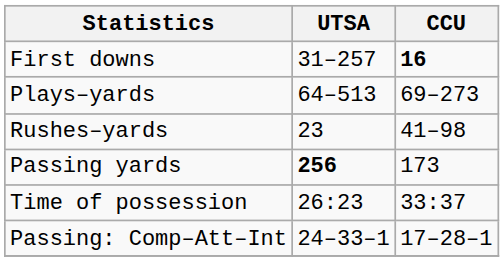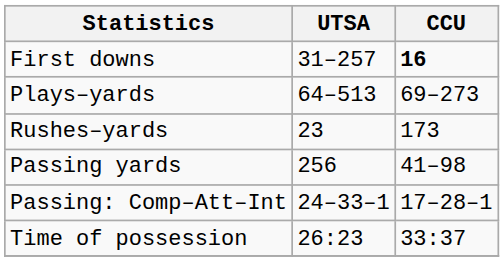 <table class="wikitable" style="float: left;">
 <tr>
 <th>Statistics</th>
 <th>UTSA</th>
 <th>CCU</th>
 </tr>
 <tr>
 <td>First downs</td>
 <td>31–257</td>
 <td><strong>16</strong></td>
 </tr>
 <tr>
 <td>Plays–yards</td>
 <td>64–513</td>
 <td>69–273</td>
 </tr>
 <tr>
 <td>Rushes–yards</td>
 <td>23</td>
+<td>173</td>
+</tr>
+<tr>
+<td>Passing yards</td>
+<td>256</td>
 <td>41–98</td>
 </tr>
 <tr>
-<td>Passing yards</td>
-<td><strong>256</strong></td>
-<td>173</td>
+<td>Passing: Comp–Att–Int</td>
+<td>24–33–1</td>
+<td>17–28–1</td>
 </tr>
 <tr>
 <td>Time of possession</td>
 <td>26:23</td>
 <td>33:37</td>
 </tr>
 <tr>
-<td>Passing: Comp–Att–Int</td>
-<td>24–33–1</td>
-<td>17–28–1</td>
-</tr>
-<tr>
 </tr>
 </table>
